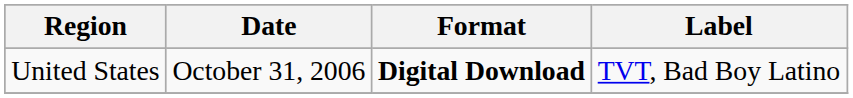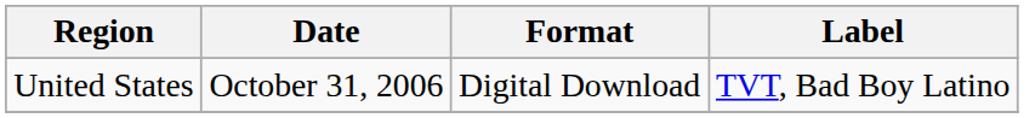 <table class=wikitable>
 <tr>
 <th>Region</th>
 <th>Date</th>
 <th>Format</th>
 <th>Label</th>
 </tr>
 <tr>
 <td>United States</td>
 <td>October 31, 2006</td>
-<td><strong>Digital Download</strong></td>
+<td>Digital Download</td>
 <td><a href='#'>TVT</a>, Bad Boy Latino</td>
 </tr>
 <tr>
 </tr>
 </table>
